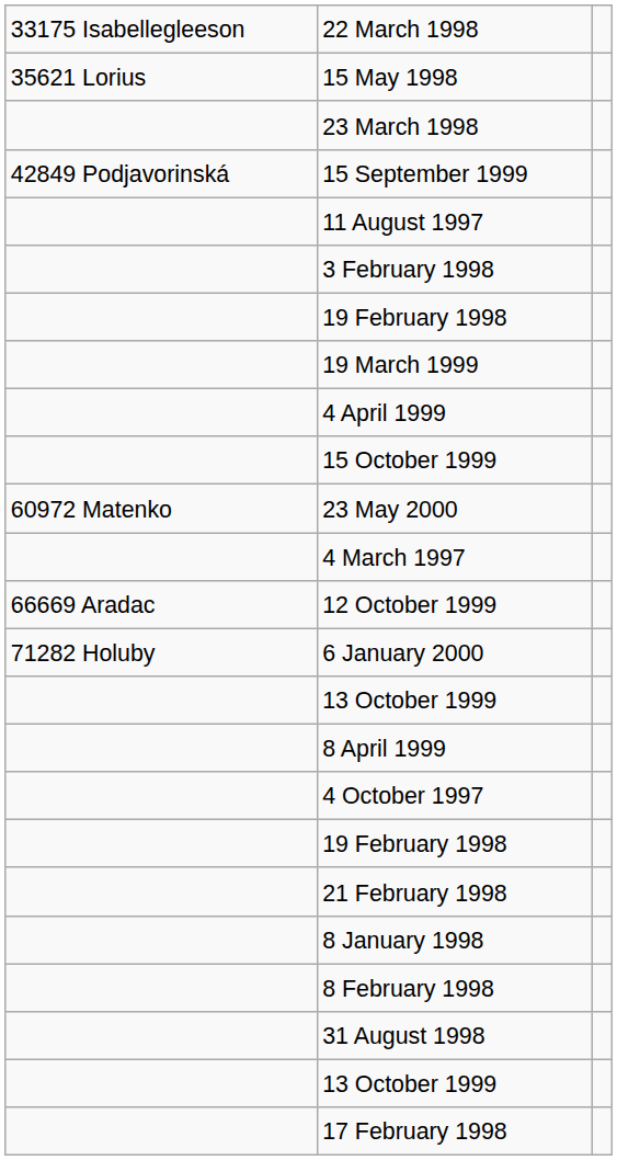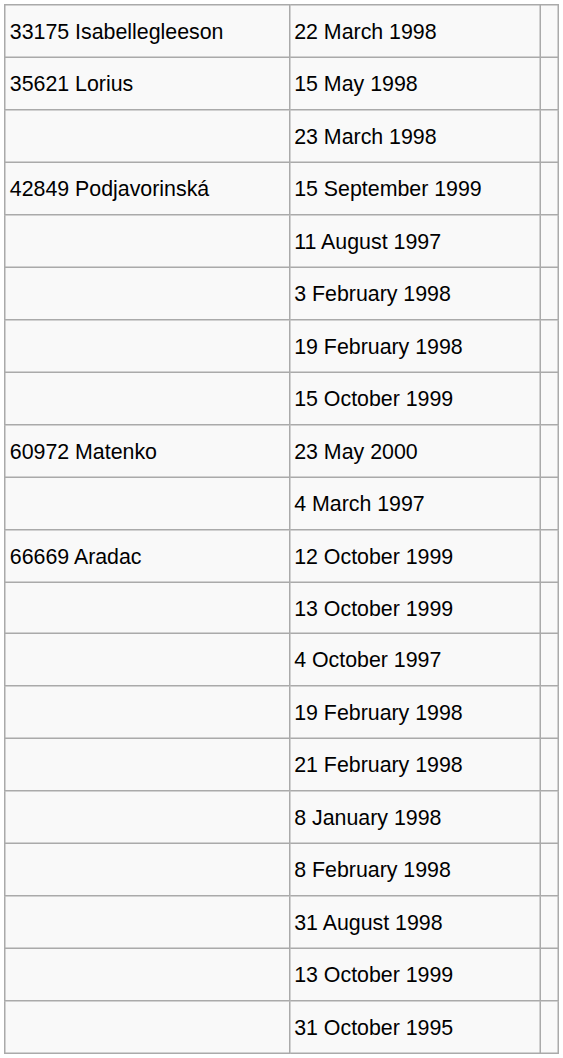 <table class="wikitable" style="font-size: 89%; float: left; width: 26em; margin-right: 1em; height: 700px;">
 <tr>
 <td>33175 Isabellegleeson</td>
 <td>22 March 1998</td>
 <td> </td>
 </tr>
 <tr>
 <td>35621 Lorius</td>
 <td>15 May 1998</td>
 <td> </td>
 </tr>
 <tr>
 <td></td>
 <td>23 March 1998</td>
 <td> </td>
 </tr>
 <tr>
 <td>42849 Podjavorinská</td>
 <td>15 September 1999</td>
 <td> </td>
 </tr>
 <tr>
 <td></td>
 <td>11 August 1997</td>
 <td> </td>
 </tr>
 <tr>
 <td></td>
 <td>3 February 1998</td>
 <td> </td>
 </tr>
 <tr>
 <td></td>
 <td>19 February 1998</td>
 <td> </td>
 </tr>
 <tr>
 <td></td>
-<td>19 March 1999</td>
-<td> </td>
-</tr>
-<tr>
-<td></td>
-<td>4 April 1999</td>
-<td> </td>
-</tr>
-<tr>
-<td></td>
 <td>15 October 1999</td>
 <td> </td>
 </tr>
 <tr>
 <td>60972 Matenko</td>
 <td>23 May 2000</td>
 <td> </td>
 </tr>
 <tr>
 <td></td>
 <td>4 March 1997</td>
 <td> </td>
 </tr>
 <tr>
 <td>66669 Aradac</td>
 <td>12 October 1999</td>
 <td> </td>
 </tr>
 <tr>
-<td>71282 Holuby</td>
-<td>6 January 2000</td>
-<td> </td>
-</tr>
-<tr>
 <td></td>
 <td>13 October 1999</td>
-<td> </td>
-</tr>
-<tr>
-<td></td>
-<td>8 April 1999</td>
 <td> </td>
 </tr>
 <tr>
 <td></td>
 <td>4 October 1997</td>
 <td> </td>
 </tr>
 <tr>
 <td></td>
 <td>19 February 1998</td>
 <td> </td>
 </tr>
 <tr>
 <td></td>
 <td>21 February 1998</td>
 <td> </td>
 </tr>
 <tr>
 <td></td>
 <td>8 January 1998</td>
 <td> </td>
 </tr>
 <tr>
 <td></td>
 <td>8 February 1998</td>
 <td> </td>
 </tr>
 <tr>
 <td></td>
 <td>31 August 1998</td>
 <td> </td>
 </tr>
 <tr>
 <td></td>
 <td>13 October 1999</td>
 <td> </td>
 </tr>
 <tr>
 <td></td>
-<td>17 February 1998</td>
+<td>31 October 1995</td>
 <td> </td>
 </tr>
 </table>
